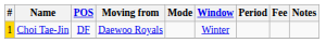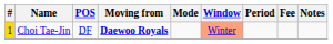 <table class="wikitable sortable" style="text-align: center; font-size:90%;">
 <tr>
 <th>#</th>
 <th>Name</th>
 <th><a href='#'>POS</a></th>
 <th>Moving from</th>
 <th>Mode</th>
 <th><a href='#'>Window</a></th>
 <th>Period</th>
 <th>Fee</th>
 <th>Notes</th>
 </tr>
 <tr>
 <td style="background: gold;">1</td>
 <td align=left> <a href='#'>Choi Tae-Jin</a></td>
 <td><a href='#'>DF</a></td>
-<td align=left> <a href='#'>Daewoo Royals</a></td>
+<td align=left><strong> <a href='#'>Daewoo Royals</a></strong></td>
 <td></td>
-<td><a href='#'>Winter</a></td>
+<td style="background: lightsalmon;"><a href='#'>Winter</a></td>
 <td></td>
 <td></td>
 <td></td>
 </tr>
 <tr>
 </tr>
 </table>
